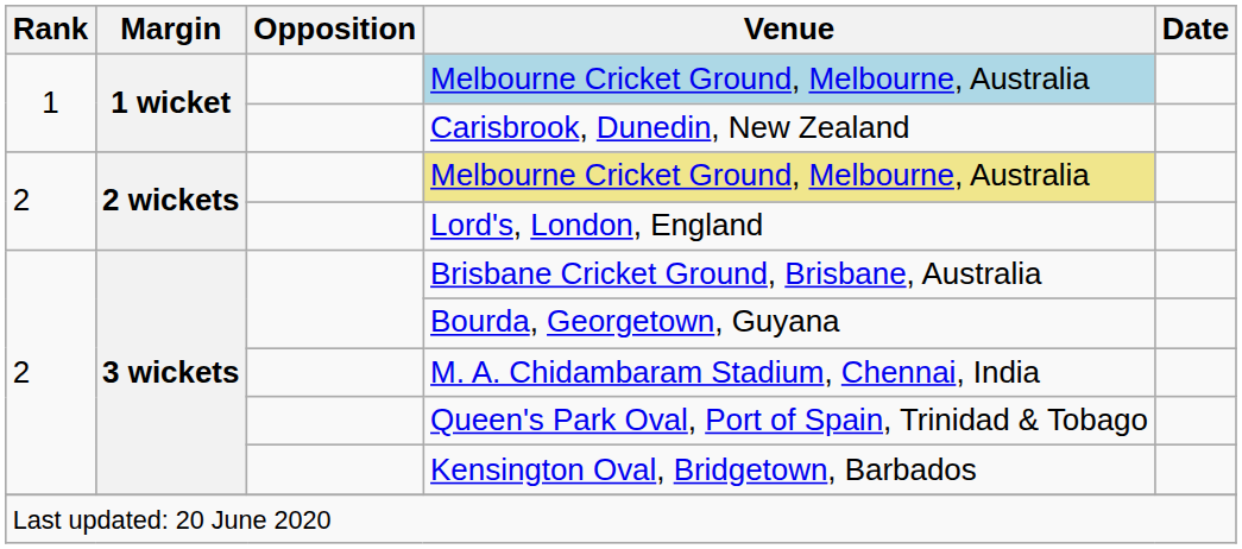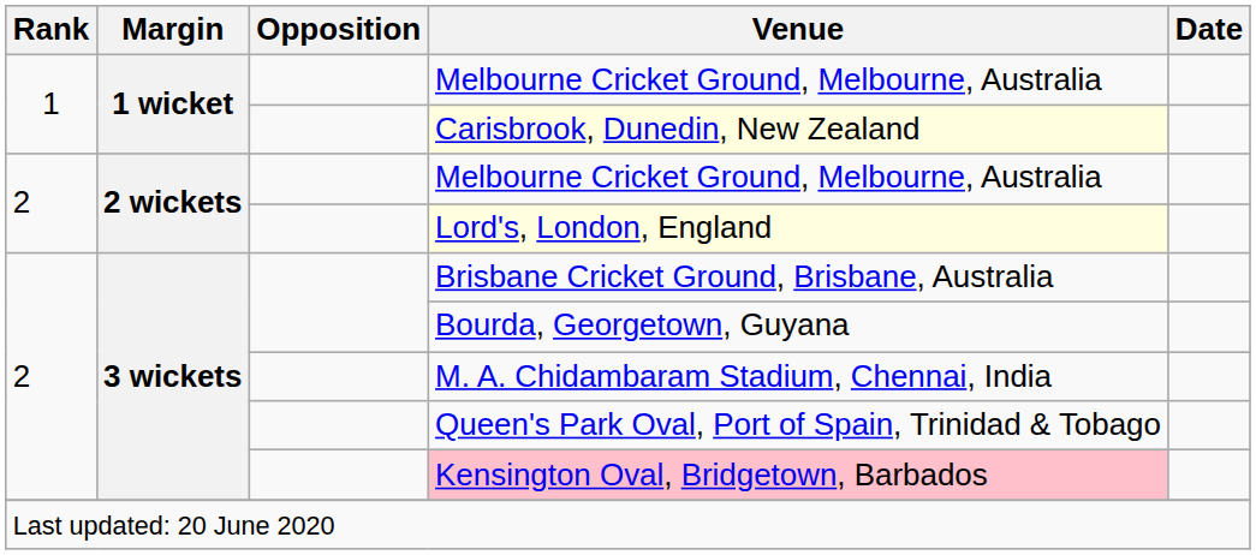 <table class="wikitable plainrowheaders sortable">
 <tr>
 <th scope=col>Rank</th>
 <th scope=col>Margin</th>
 <th scope=col>Opposition</th>
 <th scope=col>Venue</th>
 <th scope=col>Date</th>
 </tr>
 <tr>
 <td align=center rowspan=2>1</td>
 <th scope=row style=text-align:center rowspan=2>1 wicket</th>
 <td></td>
-<td style="background: lightblue;"><a href='#'>Melbourne Cricket Ground</a>, <a href='#'>Melbourne</a>, Australia</td>
+<td><a href='#'>Melbourne Cricket Ground</a>, <a href='#'>Melbourne</a>, Australia</td>
 <td></td>
 </tr>
 <tr>
 <td></td>
-<td><a href='#'>Carisbrook</a>, <a href='#'>Dunedin</a>, New Zealand</td>
+<td style="background: lightyellow;"><a href='#'>Carisbrook</a>, <a href='#'>Dunedin</a>, New Zealand</td>
 <td></td>
 </tr>
 <tr>
 <td rowspan=2>2</td>
 <th scope=row style=text-align:center rowspan=2>2 wickets</th>
 <td></td>
-<td style="background: khaki;"><a href='#'>Melbourne Cricket Ground</a>, <a href='#'>Melbourne</a>, Australia</td>
+<td><a href='#'>Melbourne Cricket Ground</a>, <a href='#'>Melbourne</a>, Australia</td>
 <td></td>
 </tr>
 <tr>
 <td></td>
-<td><a href='#'>Lord's</a>, <a href='#'>London</a>, England</td>
+<td style="background: lightyellow;"><a href='#'>Lord's</a>, <a href='#'>London</a>, England</td>
 <td></td>
 </tr>
 <tr>
 <td rowspan=5>2</td>
 <th scope=row style=text-align:center rowspan=5>3 wickets</th>
 <td rowspan=2></td>
 <td><a href='#'>Brisbane Cricket Ground</a>, <a href='#'>Brisbane</a>, Australia</td>
 <td></td>
 </tr>
 <tr>
 <td><a href='#'>Bourda</a>, <a href='#'>Georgetown</a>, Guyana</td>
 <td></td>
 </tr>
 <tr>
 <td></td>
 <td><a href='#'>M. A. Chidambaram Stadium</a>, <a href='#'>Chennai</a>, India</td>
 <td></td>
 </tr>
 <tr>
 <td></td>
 <td><a href='#'>Queen's Park Oval</a>, <a href='#'>Port of Spain</a>, Trinidad & Tobago</td>
 <td></td>
 </tr>
 <tr>
 <td></td>
-<td><a href='#'>Kensington Oval</a>, <a href='#'>Bridgetown</a>, Barbados</td>
+<td style="background: pink;"><a href='#'>Kensington Oval</a>, <a href='#'>Bridgetown</a>, Barbados</td>
 <td></td>
 </tr>
 <tr>
 </tr>
 <tr class=sortbottom>
 <td colspan=5><small>Last updated: 20 June 2020</small></td>
 </tr>
 </table>
